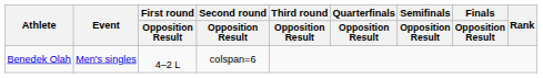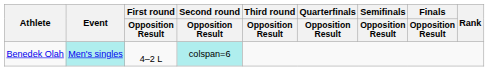 <table class="wikitable" style="font-size:90%">
 <tr>
 <th rowspan=2>Athlete</th>
 <th rowspan=2>Event</th>
 <th>First round</th>
 <th>Second round</th>
 <th>Third round</th>
 <th>Quarterfinals</th>
 <th>Semifinals</th>
 <th>Finals</th>
 <th rowspan="2">Rank</th>
 </tr>
 <tr style="font-size:95%">
 <th>Opposition<br>Result</th>
 <th>Opposition<br>Result</th>
 <th>Opposition<br>Result</th>
 <th>Opposition<br>Result</th>
 <th>Opposition<br>Result</th>
 <th>Opposition<br>Result</th>
 </tr>
 <tr align=center>
 <td align=left><a href='#'>Benedek Olah</a></td>
-<td align=left><a href='#'>Men's singles</a></td>
+<td align=left style="background: paleturquoise;"><a href='#'>Men's singles</a></td>
 <td><br>4–2 L</td>
-<td>colspan=6 </td>
+<td style="background: paleturquoise;">colspan=6 </td>
 </tr>
 </table>
